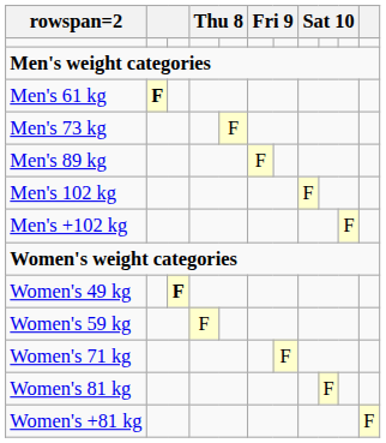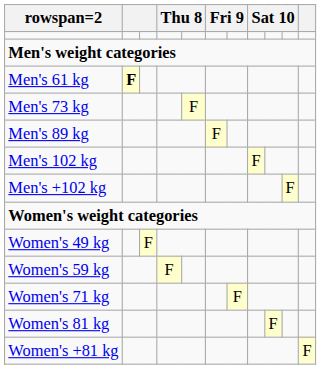 <table class="wikitable" style="text-align:center; font-size:95%">
 <tr>
 <th>rowspan=2 </th>
 <th colspan=2></th>
 <th colspan=2>Thu 8</th>
 <th colspan=2>Fri 9</th>
 <th colspan=3>Sat 10</th>
 <th></th>
 </tr>
 <tr>
 <td></td>
 <td></td>
 <td></td>
 <td></td>
 <td></td>
 <td></td>
 <td></td>
 <td></td>
 <td></td>
 <td></td>
 </tr>
 <tr>
 <td colspan=11 style="text-align:left;"><strong>Men's weight categories</strong></td>
 </tr>
 <tr>
 <td align=left><a href='#'>Men's 61 kg</a></td>
 <td style="background-color:#ffffcc;"><strong>F</strong></td>
 <td></td>
 <td colspan=2></td>
 <td colspan=2></td>
 <td colspan=3></td>
 <td></td>
 </tr>
 <tr>
 <td align=left><a href='#'>Men's 73 kg</a></td>
 <td colspan=2></td>
 <td></td>
 <td style="background-color:#ffffcc;">F</td>
 <td colspan=2></td>
 <td colspan=3></td>
 <td></td>
 </tr>
 <tr>
 <td align=left><a href='#'>Men's 89 kg</a></td>
 <td colspan=2></td>
 <td colspan=2></td>
 <td style="background-color:#ffffcc;">F</td>
 <td></td>
 <td colspan=3></td>
 <td></td>
 </tr>
 <tr>
 <td align=left><a href='#'>Men's 102 kg</a></td>
 <td colspan=2></td>
 <td colspan=2></td>
 <td colspan=2></td>
 <td style="background-color:#ffffcc;">F</td>
 <td colspan=2></td>
 <td></td>
 </tr>
 <tr>
 <td align=left><a href='#'>Men's +102 kg</a></td>
 <td colspan=2></td>
 <td colspan=2></td>
 <td colspan=2></td>
 <td colspan=2></td>
 <td style="background-color:#ffffcc;">F</td>
 <td></td>
 </tr>
 <tr>
 <td colspan="11" style="text-align:left;"><strong>Women's weight categories</strong></td>
 </tr>
 <tr>
 <td align=left><a href='#'>Women's 49 kg</a></td>
 <td></td>
-<td style="background-color:#ffffcc;"><strong>F</strong></td>
+<td style="background-color:#ffffcc;">F</td>
 <td colspan=2></td>
 <td colspan=2></td>
 <td colspan=3></td>
 <td></td>
 </tr>
 <tr>
 <td align=left><a href='#'>Women's 59 kg</a></td>
 <td colspan=2></td>
 <td style="background-color:#ffffcc;">F</td>
 <td></td>
 <td colspan=2></td>
 <td colspan=3></td>
 <td></td>
 </tr>
 <tr>
 <td align=left><a href='#'>Women's 71 kg</a></td>
 <td colspan=2></td>
 <td colspan=2></td>
 <td></td>
 <td style="background-color:#ffffcc;">F</td>
 <td colspan=3></td>
 <td></td>
 </tr>
 <tr>
 <td align=left><a href='#'>Women's 81 kg</a></td>
 <td colspan=2></td>
 <td colspan=2></td>
 <td colspan=2></td>
 <td></td>
 <td style="background-color:#ffffcc;">F</td>
 <td></td>
 <td></td>
 </tr>
 <tr>
 <td align=left><a href='#'>Women's +81 kg</a></td>
 <td colspan=2></td>
 <td colspan=2></td>
 <td colspan=2></td>
 <td colspan=3></td>
 <td style="background-color:#ffffcc;">F</td>
 </tr>
 </table>
